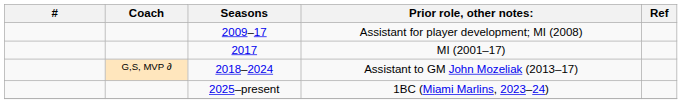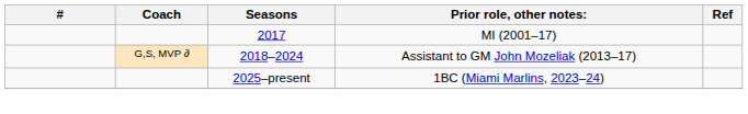 <table class="wikitable sortable" style="text-align:center; width:74%">
 <tr>
 <th width="15%">#</th>
 <th>Coach</th>
 <th>Seasons</th>
 <th class="unsortable">Prior role, other notes:</th>
 <th class="unsortable">Ref</th>
-</tr>
-<tr>
-<td></td>
-<td></td>
-<td><a href='#'>2009</a>–<a href='#'>17</a></td>
-<td>Assistant for player development; MI (2008)</td>
-<td></td>
 </tr>
 <tr>
 <td></td>
 <td></td>
 <td><a href='#'>2017</a></td>
 <td>MI (2001–17)</td>
 <td></td>
 </tr>
 <tr>
 <td></td>
 <td style="background-color:#ffe6bd"> <sup>G,S, MVP ∂</sup></td>
 <td><a href='#'>2018</a>–<a href='#'>2024</a></td>
 <td>Assistant to GM <a href='#'>John Mozeliak</a> (2013–17)</td>
 <td></td>
 </tr>
 <tr>
 <td></td>
 <td></td>
 <td><a href='#'>2025</a>–present</td>
 <td>1BC (<a href='#'>Miami Marlins</a>, <a href='#'>2023</a>–<a href='#'>24</a>)</td>
 <td></td>
 </tr>
 <tr>
 </tr>
 </table>
